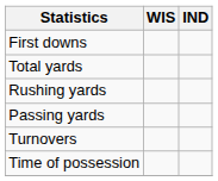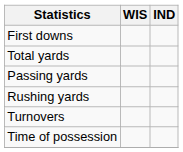 <table class="wikitable" style="float: left;">
 <tr>
 <th>Statistics</th>
 <th>WIS</th>
 <th>IND</th>
 </tr>
 <tr>
 <td>First downs</td>
 <td></td>
 <td></td>
 </tr>
 <tr>
 <td>Total yards</td>
 <td></td>
 <td></td>
 </tr>
 <tr>
-<td>Rushing yards</td>
+<td>Passing yards</td>
 <td></td>
 <td></td>
 </tr>
 <tr>
-<td>Passing yards</td>
+<td>Rushing yards</td>
 <td></td>
 <td></td>
 </tr>
 <tr>
 <td>Turnovers</td>
 <td></td>
 <td></td>
 </tr>
 <tr>
 <td>Time of possession</td>
 <td></td>
 <td></td>
 </tr>
 <tr>
 </tr>
 </table>
